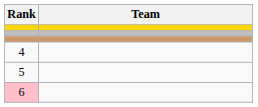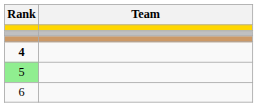 <table class="wikitable" style="border-collapse: collapse; font-size: 90%;">
 <tr>
 <th>Rank</th>
 <th align="left" style="width: 17em">Team</th>
 </tr>
 <tr bgcolor=gold>
 <td align="center"></td>
 <td></td>
 </tr>
 <tr bgcolor=silver>
 <td align="center"></td>
 <td></td>
 </tr>
 <tr bgcolor=cc9966>
 <td align="center"></td>
 <td></td>
 </tr>
 <tr>
-<td align="center">4</td>
+<td align="center"><strong>4</strong></td>
 <td></td>
 </tr>
 <tr>
-<td align="center">5</td>
+<td align="center" style="background: lightgreen;">5</td>
 <td></td>
 </tr>
 <tr>
-<td align="center" style="background: pink;">6</td>
+<td align="center">6</td>
 <td></td>
 </tr>
 </table>
